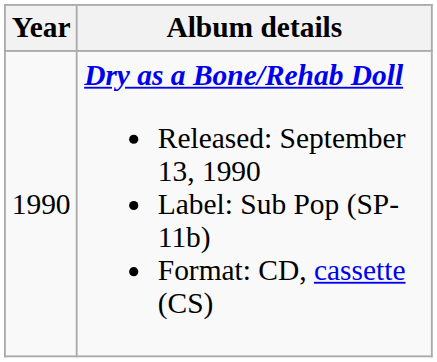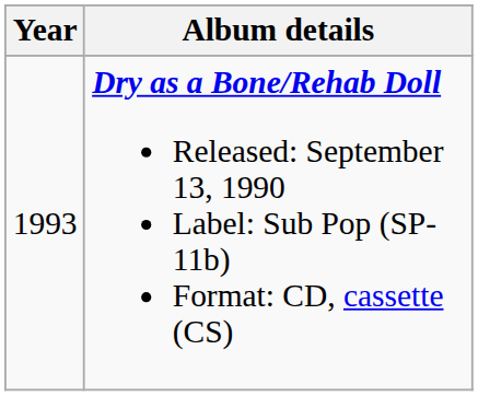 <table class ="wikitable" border="1">
 <tr>
 <th>Year</th>
 <th width="185">Album details</th>
 </tr>
 <tr>
-<td>1990</td>
+<td>1993</td>
 <td><strong><em><a href='#'>Dry as a Bone/Rehab Doll</a></em></strong><br><ul><li>Released: September 13, 1990</li><li>Label: Sub Pop (SP-11b)</li><li>Format: CD, <a href='#'>cassette</a> (CS)</li></ul></td>
 </tr>
 </table>
